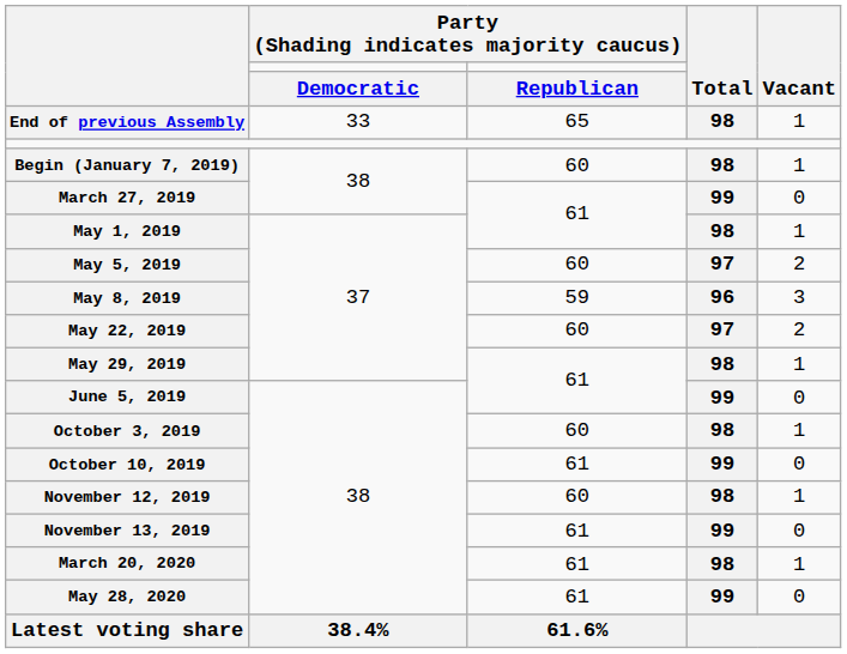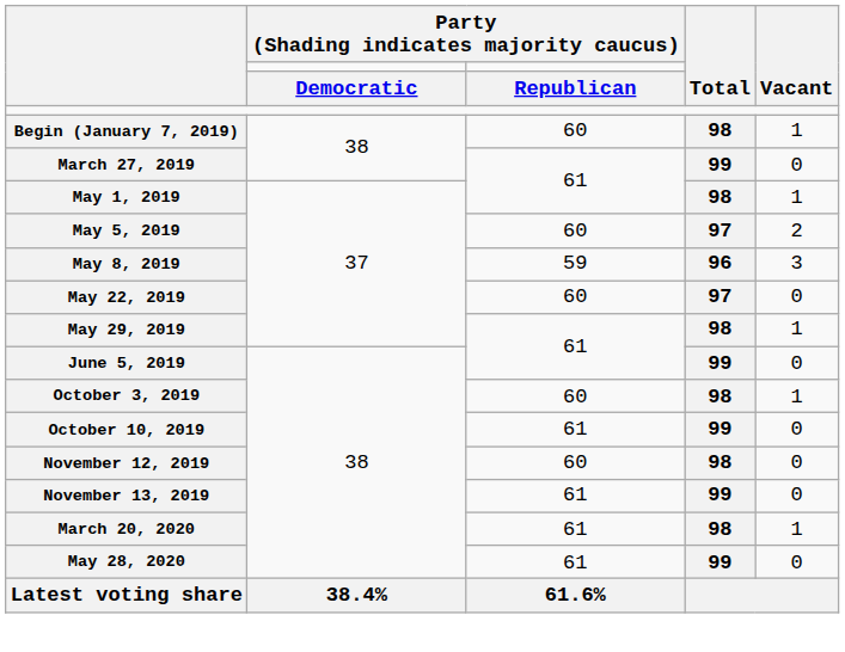 <table class=wikitable style="text-align:center">
 <tr style="vertical-align:bottom;">
 <th rowspan=3></th>
 <th colspan=2>Party <div>(Shading indicates majority caucus)</div></th>
 <th rowspan=3>Total</th>
 <th rowspan=3>Vacant</th>
 </tr>
 <tr style="height:5px">
 <td style="background-color:"></td>
 <td style="background-color:"></td>
 </tr>
 <tr>
 <th><a href='#'>Democratic</a></th>
 <th><a href='#'>Republican</a></th>
-</tr>
-<tr>
-<th nowrap style="font-size:80%">End of <a href='#'>previous Assembly</a></th>
-<td>33</td>
-<td>65</td>
-<th>98</th>
-<td>1</td>
 </tr>
 <tr>
 <td colspan=5></td>
 </tr>
 <tr>
 <th nowrap style="font-size:80%">Begin (January 7, 2019)</th>
 <td rowspan="2">38</td>
 <td>60</td>
 <th>98</th>
 <td>1</td>
 </tr>
 <tr>
 <th nowrap style="font-size:80%">March 27, 2019</th>
 <td rowspan="2" >61</td>
 <th>99</th>
 <td>0</td>
 </tr>
 <tr>
 <th nowrap style="font-size:80%">May 1, 2019</th>
 <td rowspan="5">37</td>
 <th>98</th>
 <td>1</td>
 </tr>
 <tr>
 <th nowrap style="font-size:80%">May 5, 2019</th>
 <td>60</td>
 <th>97</th>
 <td>2</td>
 </tr>
 <tr>
 <th nowrap style="font-size:80%">May 8, 2019</th>
 <td>59</td>
 <th>96</th>
 <td>3</td>
 </tr>
 <tr>
 <th nowrap style="font-size:80%">May 22, 2019</th>
 <td>60</td>
 <th>97</th>
-<td>2</td>
+<td>0</td>
 </tr>
 <tr>
 <th nowrap style="font-size:80%">May 29, 2019</th>
 <td rowspan="2" >61</td>
 <th>98</th>
 <td>1</td>
 </tr>
 <tr>
 <th nowrap style="font-size:80%">June 5, 2019</th>
 <td rowspan="7">38</td>
 <th>99</th>
 <td>0</td>
 </tr>
 <tr>
 <th nowrap style="font-size:80%">October 3, 2019</th>
 <td>60</td>
 <th>98</th>
 <td>1</td>
 </tr>
 <tr>
 <th nowrap style="font-size:80%">October 10, 2019</th>
 <td>61</td>
 <th>99</th>
 <td>0</td>
 </tr>
 <tr>
 <th nowrap style="font-size:80%">November 12, 2019</th>
 <td>60</td>
 <th>98</th>
-<td>1</td>
+<td>0</td>
 </tr>
 <tr>
 <th nowrap style="font-size:80%">November 13, 2019</th>
 <td>61</td>
 <th>99</th>
 <td>0</td>
 </tr>
 <tr>
 <th nowrap style="font-size:80%">March 20, 2020</th>
 <td>61</td>
 <th>98</th>
 <td>1</td>
 </tr>
 <tr>
 <th nowrap style="font-size:80%">May 28, 2020</th>
 <td>61</td>
 <th>99</th>
 <td>0</td>
 </tr>
 <tr>
 <th>Latest voting share</th>
 <th>38.4%</th>
 <th>61.6%</th>
 <th colspan="2"></th>
 </tr>
 </table>
